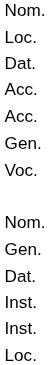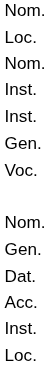 <table class="toccolours" style="line-height: 1.3em; float:none; padding: 10px 15px 10px 5px;">
 <tr>
 <td style="padding: 0px 0px 10px 0px;"> </td>
 </tr>
 <tr>
 <td>Nom.</td>
 </tr>
 <tr>
 <td>Loc.</td>
 </tr>
 <tr>
-<td>Dat.</td>
+<td>Nom.</td>
 </tr>
 <tr>
-<td>Acc.</td>
+<td>Inst.</td>
 </tr>
 <tr>
-<td>Acc.</td>
+<td>Inst.</td>
 </tr>
 <tr>
 <td>Gen.</td>
 </tr>
 <tr>
 <td>Voc.</td>
 </tr>
 <tr>
 <td> </td>
 </tr>
 <tr>
 <td>Nom.</td>
 </tr>
 <tr>
 <td>Gen.</td>
 </tr>
 <tr>
 <td>Dat.</td>
 </tr>
 <tr>
-<td>Inst.</td>
+<td>Acc.</td>
 </tr>
 <tr>
 <td>Inst.</td>
 </tr>
 <tr>
 <td>Loc.</td>
 </tr>
 </table>
